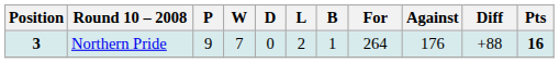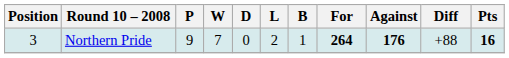 <table class="wikitable" style="text-align:center; font-size:85%;">
 <tr>
 <th width=40 abbr="Position">Position</th>
 <th width=100>Round 10 – 2008</th>
 <th width=20 abbr="Played">P</th>
 <th width=20 abbr="Won">W</th>
 <th width=20 abbr="Drawn">D</th>
 <th width=20 abbr="Lost">L</th>
 <th width=20 abbr="Bye">B</th>
 <th width=40 abbr="Points for">For</th>
 <th width=40 abbr="Points against">Against</th>
 <th width=40 abbr="Points difference">Diff</th>
 <th width=25 abbr="Points">Pts</th>
 </tr>
 <tr style="background: #d7ebed;">
-<td><strong>3</strong></td>
+<td>3</td>
 <td style="text-align:left;"> <a href='#'>Northern Pride</a></td>
 <td>9</td>
 <td>7</td>
 <td>0</td>
 <td>2</td>
 <td>1</td>
-<td>264</td>
-<td>176</td>
+<td><strong>264</strong></td>
+<td><strong>176</strong></td>
 <td>+88</td>
 <td><strong>16</strong></td>
 </tr>
 <tr>
 </tr>
 </table>
